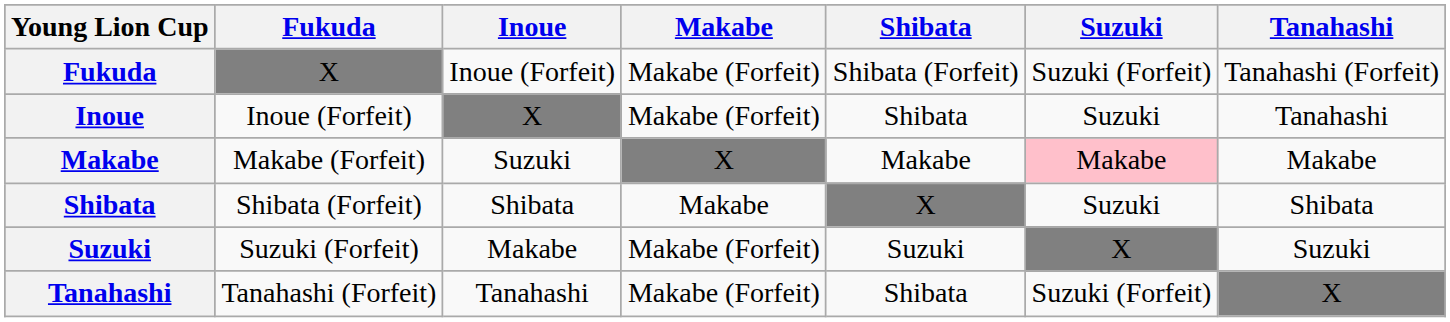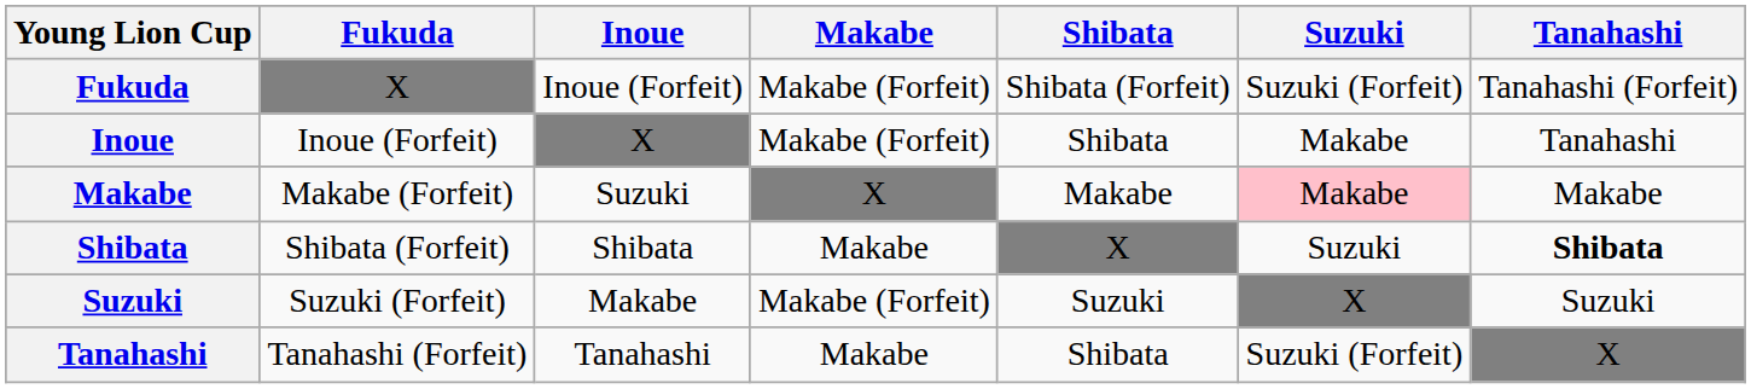 <table class="wikitable" style="margin: 1em auto 1em auto">
 <tr align="center">
 <th>Young Lion Cup</th>
 <th><a href='#'>Fukuda</a></th>
 <th><a href='#'>Inoue</a></th>
 <th><a href='#'>Makabe</a></th>
 <th><a href='#'>Shibata</a></th>
 <th><a href='#'>Suzuki</a></th>
 <th><a href='#'>Tanahashi</a></th>
 </tr>
 <tr align="center">
 <th><a href='#'>Fukuda</a></th>
 <td bgcolor=grey>X</td>
 <td>Inoue (Forfeit)</td>
 <td>Makabe (Forfeit)</td>
 <td>Shibata (Forfeit)</td>
 <td>Suzuki (Forfeit)</td>
 <td>Tanahashi (Forfeit)</td>
 </tr>
 <tr align="center">
 <th><a href='#'>Inoue</a></th>
 <td>Inoue (Forfeit)</td>
 <td bgcolor=grey>X</td>
 <td>Makabe (Forfeit)</td>
 <td>Shibata</td>
-<td>Suzuki</td>
+<td>Makabe</td>
 <td>Tanahashi</td>
 </tr>
 <tr align="center">
 <th><a href='#'>Makabe</a></th>
 <td>Makabe (Forfeit)</td>
 <td>Suzuki</td>
 <td bgcolor=grey>X</td>
 <td>Makabe</td>
 <td style="background: pink;">Makabe</td>
 <td>Makabe</td>
 </tr>
 <tr align="center">
 <th><a href='#'>Shibata</a></th>
 <td>Shibata (Forfeit)</td>
 <td>Shibata</td>
 <td>Makabe</td>
 <td bgcolor=grey>X</td>
 <td>Suzuki</td>
-<td>Shibata</td>
+<td><strong>Shibata</strong></td>
 </tr>
 <tr align="center">
 <th><a href='#'>Suzuki</a></th>
 <td>Suzuki (Forfeit)</td>
 <td>Makabe</td>
 <td>Makabe (Forfeit)</td>
 <td>Suzuki</td>
 <td bgcolor=grey>X</td>
 <td>Suzuki</td>
 </tr>
 <tr align="center">
 <th><a href='#'>Tanahashi</a></th>
 <td>Tanahashi (Forfeit)</td>
 <td>Tanahashi</td>
-<td>Makabe (Forfeit)</td>
+<td>Makabe</td>
 <td>Shibata</td>
 <td>Suzuki (Forfeit)</td>
 <td bgcolor=grey>X</td>
 </tr>
 </table>
